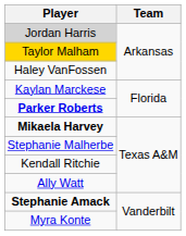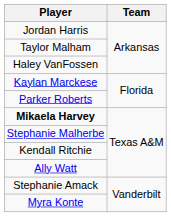 <table class="wikitable" style="text-align:center">
 <tr>
 <th>Player</th>
 <th>Team</th>
 </tr>
 <tr>
-<td style="background: lightgrey;">Jordan Harris</td>
+<td>Jordan Harris</td>
 <td rowspan=3>Arkansas</td>
 </tr>
 <tr>
-<td style="background: gold;">Taylor Malham</td>
+<td>Taylor Malham</td>
 </tr>
 <tr>
 <td>Haley VanFossen</td>
 </tr>
 <tr>
 <td><a href='#'>Kaylan Marckese</a></td>
 <td rowspan=2>Florida</td>
 </tr>
 <tr>
-<td><strong><a href='#'>Parker Roberts</a></strong></td>
+<td><a href='#'>Parker Roberts</a></td>
 </tr>
 <tr>
 <td><strong>Mikaela Harvey</strong></td>
 <td rowspan=4>Texas A&M</td>
 </tr>
 <tr>
 <td><a href='#'>Stephanie Malherbe</a></td>
 </tr>
 <tr>
 <td>Kendall Ritchie</td>
 </tr>
 <tr>
 <td><a href='#'>Ally Watt</a></td>
 </tr>
 <tr>
-<td><strong>Stephanie Amack</strong></td>
+<td>Stephanie Amack</td>
 <td rowspan=2>Vanderbilt</td>
 </tr>
 <tr>
 <td><a href='#'>Myra Konte</a></td>
 </tr>
 </table>
